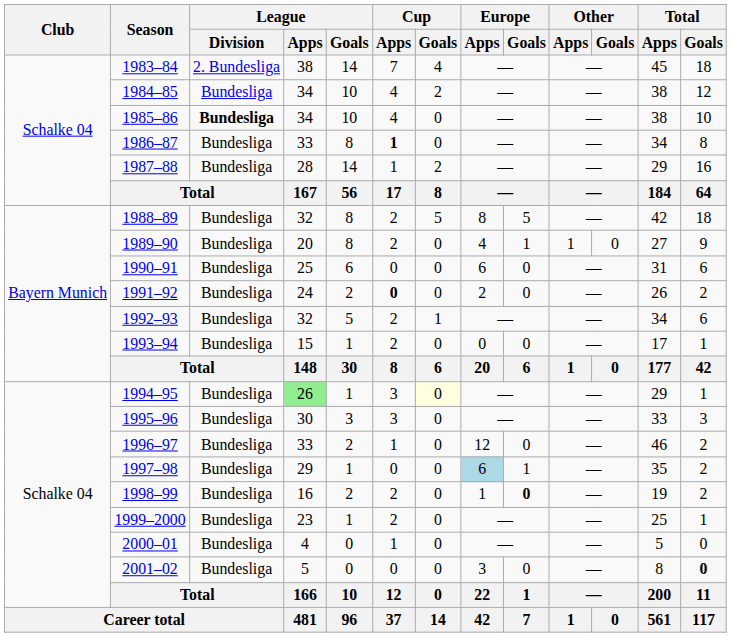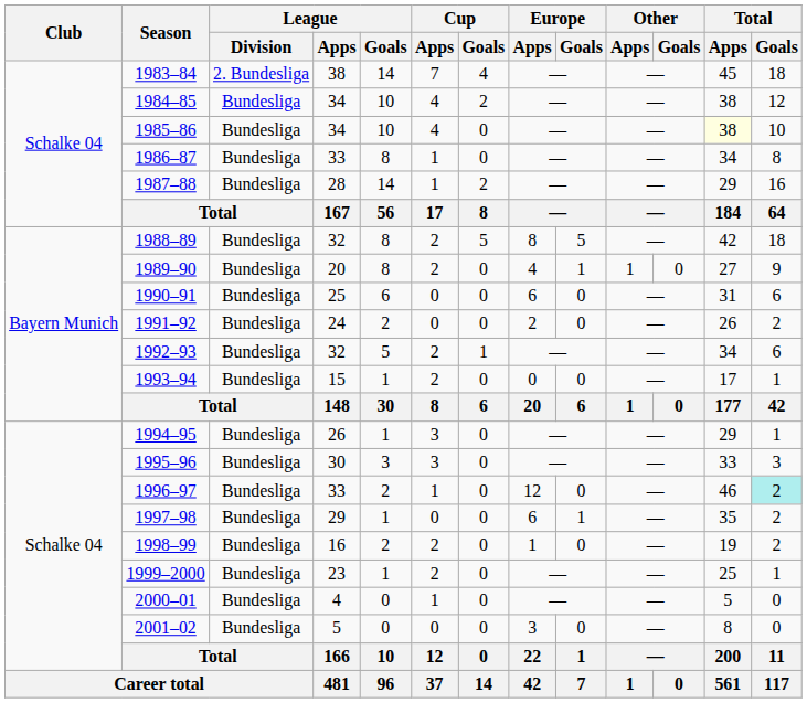 <table class="wikitable" style="text-align:center">
 <tr>
 <th rowspan="2">Club</th>
 <th rowspan="2">Season</th>
 <th colspan="3">League</th>
 <th colspan="2">Cup</th>
 <th colspan="2">Europe</th>
 <th colspan="2">Other</th>
 <th colspan="2">Total</th>
 </tr>
 <tr>
 <th>Division</th>
 <th>Apps</th>
 <th>Goals</th>
 <th>Apps</th>
 <th>Goals</th>
 <th>Apps</th>
 <th>Goals</th>
 <th>Apps</th>
 <th>Goals</th>
 <th>Apps</th>
 <th>Goals</th>
 </tr>
 <tr>
 <td rowspan="6"><a href='#'>Schalke 04</a></td>
 <td><a href='#'>1983–84</a></td>
 <td><a href='#'>2. Bundesliga</a></td>
 <td>38</td>
 <td>14</td>
 <td>7</td>
 <td>4</td>
 <td colspan="2">—</td>
 <td colspan="2">—</td>
 <td>45</td>
 <td>18</td>
 </tr>
 <tr>
 <td><a href='#'>1984–85</a></td>
 <td><a href='#'>Bundesliga</a></td>
 <td>34</td>
 <td>10</td>
 <td>4</td>
 <td>2</td>
 <td colspan="2">—</td>
 <td colspan="2">—</td>
 <td>38</td>
 <td>12</td>
 </tr>
 <tr>
 <td><a href='#'>1985–86</a></td>
-<td><strong>Bundesliga</strong></td>
+<td>Bundesliga</td>
 <td>34</td>
 <td>10</td>
 <td>4</td>
 <td>0</td>
 <td colspan="2">—</td>
 <td colspan="2">—</td>
-<td>38</td>
+<td style="background: lightyellow;">38</td>
 <td>10</td>
 </tr>
 <tr>
 <td><a href='#'>1986–87</a></td>
 <td>Bundesliga</td>
 <td>33</td>
 <td>8</td>
-<td><strong>1</strong></td>
+<td>1</td>
 <td>0</td>
 <td colspan="2">—</td>
 <td colspan="2">—</td>
 <td>34</td>
 <td>8</td>
 </tr>
 <tr>
 <td><a href='#'>1987–88</a></td>
 <td>Bundesliga</td>
 <td>28</td>
 <td>14</td>
 <td>1</td>
 <td>2</td>
 <td colspan="2">—</td>
 <td colspan="2">—</td>
 <td>29</td>
 <td>16</td>
 </tr>
 <tr>
 <th colspan="2">Total</th>
 <th>167</th>
 <th>56</th>
 <th>17</th>
 <th>8</th>
 <th colspan="2">—</th>
 <th colspan="2">—</th>
 <th>184</th>
 <th>64</th>
 </tr>
 <tr>
 <td rowspan="7"><a href='#'>Bayern Munich</a></td>
 <td><a href='#'>1988–89</a></td>
 <td>Bundesliga</td>
 <td>32</td>
 <td>8</td>
 <td>2</td>
 <td>5</td>
 <td>8</td>
 <td>5</td>
 <td colspan="2">—</td>
 <td>42</td>
 <td>18</td>
 </tr>
 <tr>
 <td><a href='#'>1989–90</a></td>
 <td>Bundesliga</td>
 <td>20</td>
 <td>8</td>
 <td>2</td>
 <td>0</td>
 <td>4</td>
 <td>1</td>
 <td>1</td>
 <td>0</td>
 <td>27</td>
 <td>9</td>
 </tr>
 <tr>
 <td><a href='#'>1990–91</a></td>
 <td>Bundesliga</td>
 <td>25</td>
 <td>6</td>
 <td>0</td>
 <td>0</td>
 <td>6</td>
 <td>0</td>
 <td colspan="2">—</td>
 <td>31</td>
 <td>6</td>
 </tr>
 <tr>
 <td><a href='#'>1991–92</a></td>
 <td>Bundesliga</td>
 <td>24</td>
 <td>2</td>
-<td><strong>0</strong></td>
+<td>0</td>
 <td>0</td>
 <td>2</td>
 <td>0</td>
 <td colspan="2">—</td>
 <td>26</td>
 <td>2</td>
 </tr>
 <tr>
 <td><a href='#'>1992–93</a></td>
 <td>Bundesliga</td>
 <td>32</td>
 <td>5</td>
 <td>2</td>
 <td>1</td>
 <td colspan="2">—</td>
 <td colspan="2">—</td>
 <td>34</td>
 <td>6</td>
 </tr>
 <tr>
 <td><a href='#'>1993–94</a></td>
 <td>Bundesliga</td>
 <td>15</td>
 <td>1</td>
 <td>2</td>
 <td>0</td>
 <td>0</td>
 <td>0</td>
 <td colspan="2">—</td>
 <td>17</td>
 <td>1</td>
 </tr>
 <tr>
 <th colspan="2">Total</th>
 <th>148</th>
 <th>30</th>
 <th>8</th>
 <th>6</th>
 <th>20</th>
 <th>6</th>
 <th>1</th>
 <th>0</th>
 <th>177</th>
 <th>42</th>
 </tr>
 <tr>
 <td rowspan="9">Schalke 04</td>
 <td><a href='#'>1994–95</a></td>
 <td>Bundesliga</td>
-<td style="background: lightgreen;">26</td>
+<td>26</td>
 <td>1</td>
 <td>3</td>
-<td style="background: lightyellow;">0</td>
+<td>0</td>
 <td colspan="2">—</td>
 <td colspan="2">—</td>
 <td>29</td>
 <td>1</td>
 </tr>
 <tr>
 <td><a href='#'>1995–96</a></td>
 <td>Bundesliga</td>
 <td>30</td>
 <td>3</td>
 <td>3</td>
 <td>0</td>
 <td colspan="2">—</td>
 <td colspan="2">—</td>
 <td>33</td>
 <td>3</td>
 </tr>
 <tr>
 <td><a href='#'>1996–97</a></td>
 <td>Bundesliga</td>
 <td>33</td>
 <td>2</td>
 <td>1</td>
 <td>0</td>
 <td>12</td>
 <td>0</td>
 <td colspan="2">—</td>
 <td>46</td>
-<td>2</td>
+<td style="background: paleturquoise;">2</td>
 </tr>
 <tr>
 <td><a href='#'>1997–98</a></td>
 <td>Bundesliga</td>
 <td>29</td>
 <td>1</td>
 <td>0</td>
 <td>0</td>
-<td style="background: lightblue;">6</td>
+<td>6</td>
 <td>1</td>
 <td colspan="2">—</td>
 <td>35</td>
 <td>2</td>
 </tr>
 <tr>
 <td><a href='#'>1998–99</a></td>
 <td>Bundesliga</td>
 <td>16</td>
 <td>2</td>
 <td>2</td>
 <td>0</td>
 <td>1</td>
-<td><strong>0</strong></td>
+<td>0</td>
 <td colspan="2">—</td>
 <td>19</td>
 <td>2</td>
 </tr>
 <tr>
 <td><a href='#'>1999–2000</a></td>
 <td>Bundesliga</td>
 <td>23</td>
 <td>1</td>
 <td>2</td>
 <td>0</td>
 <td colspan="2">—</td>
 <td colspan="2">—</td>
 <td>25</td>
 <td>1</td>
 </tr>
 <tr>
 <td><a href='#'>2000–01</a></td>
 <td>Bundesliga</td>
 <td>4</td>
 <td>0</td>
 <td>1</td>
 <td>0</td>
 <td colspan="2">—</td>
 <td colspan="2">—</td>
 <td>5</td>
 <td>0</td>
 </tr>
 <tr>
 <td><a href='#'>2001–02</a></td>
 <td>Bundesliga</td>
 <td>5</td>
 <td>0</td>
 <td>0</td>
 <td>0</td>
 <td>3</td>
 <td>0</td>
 <td colspan="2">—</td>
 <td>8</td>
-<td><strong>0</strong></td>
+<td>0</td>
 </tr>
 <tr>
 <th colspan="2">Total</th>
 <th>166</th>
 <th>10</th>
 <th>12</th>
 <th>0</th>
 <th>22</th>
 <th>1</th>
 <th colspan="2">—</th>
 <th>200</th>
 <th>11</th>
 </tr>
 <tr>
 <th colspan="3">Career total</th>
 <th>481</th>
 <th>96</th>
 <th>37</th>
 <th>14</th>
 <th>42</th>
 <th>7</th>
 <th>1</th>
 <th>0</th>
 <th>561</th>
 <th>117</th>
 </tr>
 </table>
